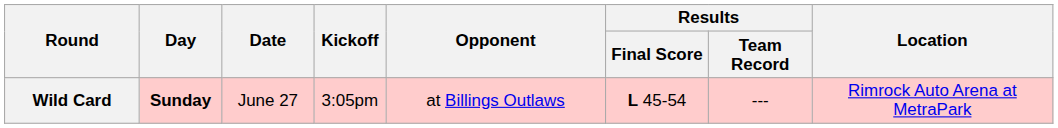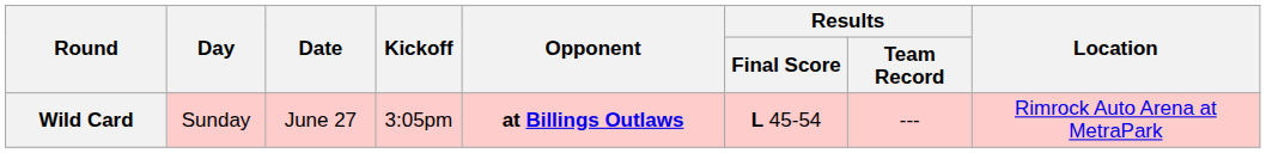 <table class="wikitable">
 <tr>
 <th rowspan="2" width="120">Round</th>
 <th rowspan="2" width="70">Day</th>
 <th rowspan="2" width="80">Date</th>
 <th rowspan="2" width="60">Kickoff</th>
 <th rowspan="2" width="200">Opponent</th>
 <th colspan="2" width="180">Results</th>
 <th rowspan="2" width="220">Location</th>
 </tr>
 <tr>
 <th width="90">Final Score</th>
 <th width="90">Team Record</th>
 </tr>
 <tr align="center" bgcolor="#FFCCCC">
 <th>Wild Card</th>
-<td align="center"><strong>Sunday</strong></td>
+<td align="center">Sunday</td>
 <td align="center">June 27</td>
 <td align="center">3:05pm</td>
-<td align="center">at <a href='#'>Billings Outlaws</a></td>
+<td align="center"><strong>at <a href='#'>Billings Outlaws</a></strong></td>
 <td align="center"><strong>L</strong> 45-54</td>
 <td align="center">---</td>
 <td align="center"><a href='#'>Rimrock Auto Arena at MetraPark</a></td>
 </tr>
 </table>
